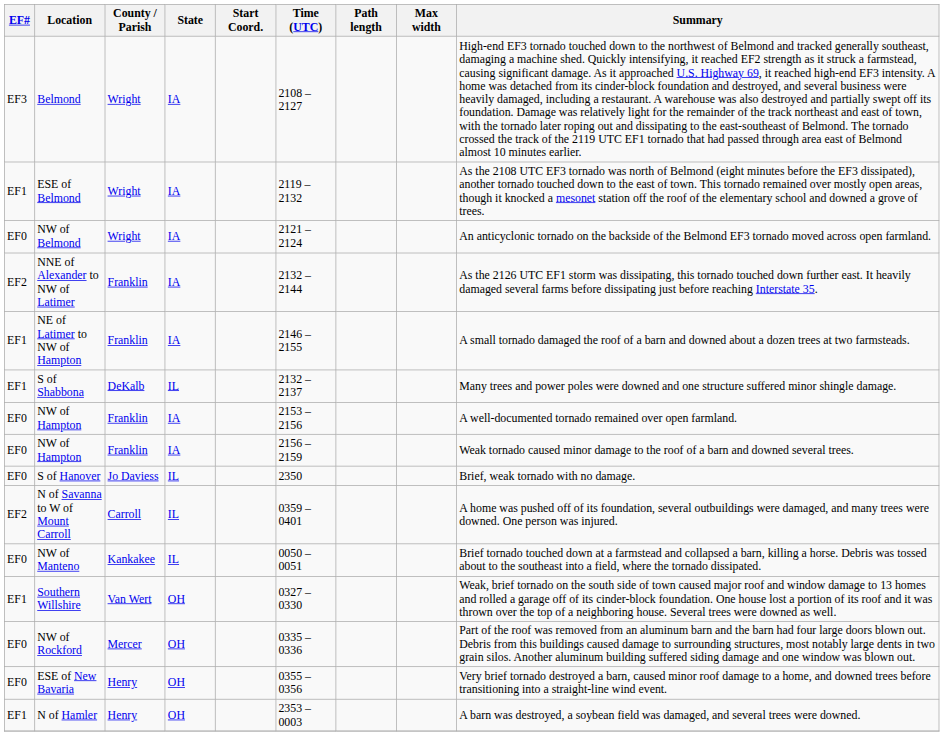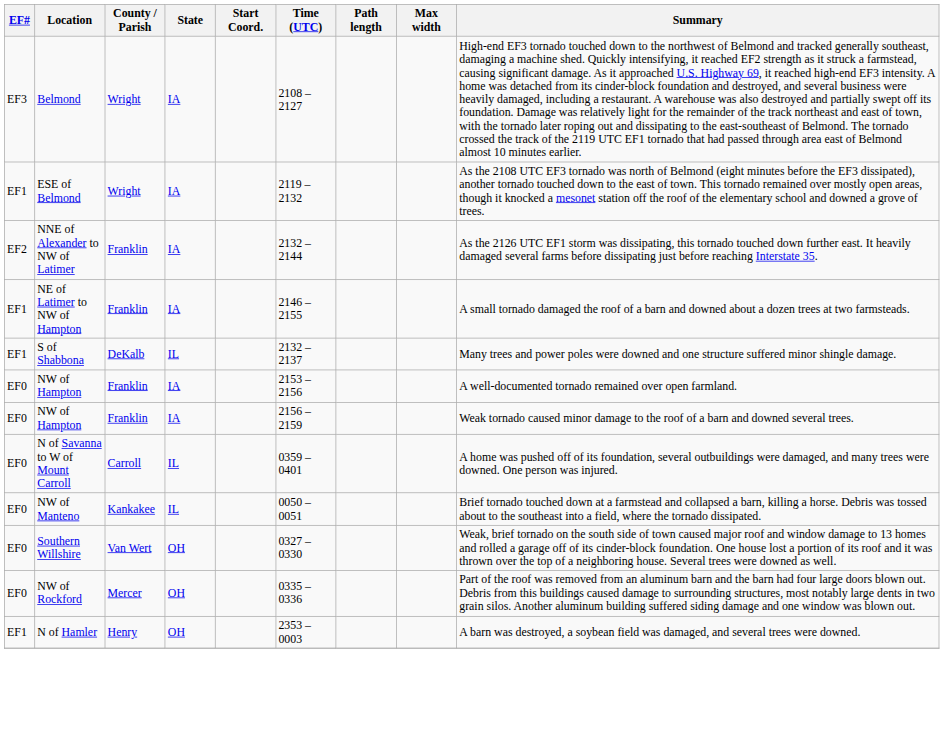 <table class="wikitable sortable" style="width:100%;">
 <tr>
 <th scope="col" width="3%" align="center"><a href='#'>EF#</a></th>
 <th scope="col" width="7%" align="center" class="unsortable">Location</th>
 <th scope="col" width="6%" align="center" class="unsortable">County / Parish</th>
 <th scope="col" width="5%" align="center">State</th>
 <th scope="col" width="6%" align="center">Start Coord.</th>
 <th scope="col" width="6%" align="center">Time (<a href='#'>UTC</a>)</th>
 <th scope="col" width="6%" align="center">Path length</th>
 <th scope="col" width="6%" align="center">Max width</th>
 <th scope="col" width="48%" class="unsortable" align="center">Summary</th>
 </tr>
 <tr>
 <td>EF3</td>
 <td><a href='#'>Belmond</a></td>
 <td><a href='#'>Wright</a></td>
 <td><a href='#'>IA</a></td>
 <td></td>
 <td>2108 – 2127</td>
 <td></td>
 <td></td>
 <td>High-end EF3 tornado touched down to the northwest of Belmond and tracked generally southeast, damaging a machine shed. Quickly intensifying, it reached EF2 strength as it struck a farmstead, causing significant damage. As it approached <a href='#'>U.S. Highway 69</a>, it reached high-end EF3 intensity. A home was detached from its cinder-block foundation and destroyed, and several business were heavily damaged, including a restaurant. A warehouse was also destroyed and partially swept off its foundation. Damage was relatively light for the remainder of the track northeast and east of town, with the tornado later roping out and dissipating to the east-southeast of Belmond. The tornado crossed the track of the 2119 UTC EF1 tornado that had passed through area east of Belmond almost 10 minutes earlier.</td>
 </tr>
 <tr>
 <td>EF1</td>
 <td>ESE of <a href='#'>Belmond</a></td>
 <td><a href='#'>Wright</a></td>
 <td><a href='#'>IA</a></td>
 <td></td>
 <td>2119 – 2132</td>
 <td></td>
 <td></td>
 <td>As the 2108 UTC EF3 tornado was north of Belmond (eight minutes before the EF3 dissipated), another tornado touched down to the east of town. This tornado remained over mostly open areas, though it knocked a <a href='#'>mesonet</a> station off the roof of the elementary school and downed a grove of trees.</td>
-</tr>
-<tr>
-<td>EF0</td>
-<td>NW of <a href='#'>Belmond</a></td>
-<td><a href='#'>Wright</a></td>
-<td><a href='#'>IA</a></td>
-<td></td>
-<td>2121 – 2124</td>
-<td></td>
-<td></td>
-<td>An anticyclonic tornado on the backside of the Belmond EF3 tornado moved across open farmland.</td>
 </tr>
 <tr>
 <td>EF2</td>
 <td>NNE of <a href='#'>Alexander</a> to NW of <a href='#'>Latimer</a></td>
 <td><a href='#'>Franklin</a></td>
 <td><a href='#'>IA</a></td>
 <td></td>
 <td>2132 – 2144</td>
 <td></td>
 <td></td>
 <td>As the 2126 UTC EF1 storm was dissipating, this tornado touched down further east. It heavily damaged several farms before dissipating just before reaching <a href='#'>Interstate 35</a>.</td>
 </tr>
 <tr>
 <td>EF1</td>
 <td>NE of <a href='#'>Latimer</a> to NW of <a href='#'>Hampton</a></td>
 <td><a href='#'>Franklin</a></td>
 <td><a href='#'>IA</a></td>
 <td></td>
 <td>2146 – 2155</td>
 <td></td>
 <td></td>
 <td>A small tornado damaged the roof of a barn and downed about a dozen trees at two farmsteads.</td>
 </tr>
 <tr>
 <td>EF1</td>
 <td>S of <a href='#'>Shabbona</a></td>
 <td><a href='#'>DeKalb</a></td>
 <td><a href='#'>IL</a></td>
 <td></td>
 <td>2132 – 2137</td>
 <td></td>
 <td></td>
 <td>Many trees and power poles were downed and one structure suffered minor shingle damage.</td>
 </tr>
 <tr>
 <td>EF0</td>
 <td>NW of <a href='#'>Hampton</a></td>
 <td><a href='#'>Franklin</a></td>
 <td><a href='#'>IA</a></td>
 <td></td>
 <td>2153 – 2156</td>
 <td></td>
 <td></td>
 <td>A well-documented tornado remained over open farmland.</td>
 </tr>
 <tr>
 <td>EF0</td>
 <td>NW of <a href='#'>Hampton</a></td>
 <td><a href='#'>Franklin</a></td>
 <td><a href='#'>IA</a></td>
 <td></td>
 <td>2156 – 2159</td>
 <td></td>
 <td></td>
 <td>Weak tornado caused minor damage to the roof of a barn and downed several trees.</td>
 </tr>
 <tr>
 <td>EF0</td>
-<td>S of <a href='#'>Hanover</a></td>
-<td><a href='#'>Jo Daviess</a></td>
-<td><a href='#'>IL</a></td>
-<td></td>
-<td>2350</td>
-<td></td>
-<td></td>
-<td>Brief, weak tornado with no damage.</td>
-</tr>
-<tr>
-<td>EF2</td>
 <td>N of <a href='#'>Savanna</a> to W of <a href='#'>Mount Carroll</a></td>
 <td><a href='#'>Carroll</a></td>
 <td><a href='#'>IL</a></td>
 <td></td>
 <td>0359 – 0401</td>
 <td></td>
 <td></td>
 <td>A home was pushed off of its foundation, several outbuildings were damaged, and many trees were downed. One person was injured.</td>
 </tr>
 <tr>
 <td>EF0</td>
 <td>NW of <a href='#'>Manteno</a></td>
 <td><a href='#'>Kankakee</a></td>
 <td><a href='#'>IL</a></td>
 <td></td>
 <td>0050 – 0051</td>
 <td></td>
 <td></td>
 <td>Brief tornado touched down at a farmstead and collapsed a barn, killing a horse. Debris was tossed about  to the southeast into a field, where the tornado dissipated.</td>
 </tr>
 <tr>
-<td>EF1</td>
+<td>EF0</td>
 <td><a href='#'>Southern Willshire</a></td>
 <td><a href='#'>Van Wert</a></td>
 <td><a href='#'>OH</a></td>
 <td></td>
 <td>0327 – 0330</td>
 <td></td>
 <td></td>
 <td>Weak, brief tornado on the south side of town caused major roof and window damage to 13 homes and rolled a garage off of its cinder-block foundation. One house lost a portion of its roof and it was thrown over the top of a neighboring house. Several trees were downed as well.</td>
 </tr>
 <tr>
 <td>EF0</td>
 <td>NW of <a href='#'>Rockford</a></td>
 <td><a href='#'>Mercer</a></td>
 <td><a href='#'>OH</a></td>
 <td></td>
 <td>0335 – 0336</td>
 <td></td>
 <td></td>
 <td>Part of the roof was removed from an aluminum barn and the barn had four large doors blown out. Debris from this buildings caused damage to surrounding structures, most notably large dents in two grain silos. Another aluminum building suffered siding damage and one window was blown out.</td>
 </tr>
 <tr>
-<td>EF0</td>
-<td>ESE of <a href='#'>New Bavaria</a></td>
-<td><a href='#'>Henry</a></td>
-<td><a href='#'>OH</a></td>
-<td></td>
-<td>0355 – 0356</td>
-<td></td>
-<td></td>
-<td>Very brief tornado destroyed a barn, caused minor roof damage to a home, and downed trees before transitioning into a straight-line wind event.</td>
-</tr>
-<tr>
 <td>EF1</td>
 <td>N of <a href='#'>Hamler</a></td>
 <td><a href='#'>Henry</a></td>
 <td><a href='#'>OH</a></td>
 <td></td>
 <td>2353 – 0003</td>
 <td></td>
 <td></td>
 <td>A barn was destroyed, a soybean field was damaged, and several trees were downed.</td>
 </tr>
 <tr>
 </tr>
 </table>
